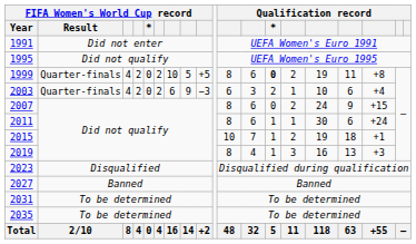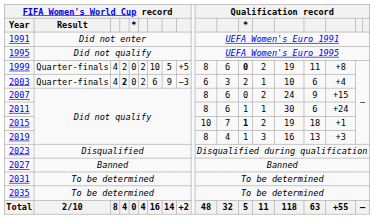 <table class="wikitable" style="text-align: center;">
 <tr>
 <th colspan=9><a href='#'>FIFA Women's World Cup</a> record</th>
 <td rowspan=100></td>
 <th colspan=9>Qualification record</th>
 </tr>
 <tr>
 <th>Year</th>
 <th>Result</th>
 <th></th>
 <th></th>
 <th>*</th>
 <th></th>
 <th></th>
 <th></th>
 <th><br></th>
 <th></th>
 <th></th>
 <th>*</th>
 <th></th>
 <th></th>
 <th></th>
 <th></th>
 <th></th>
 <th></th>
 </tr>
 <tr>
 <td> <a href='#'>1991</a></td>
 <td colspan=8><em>Did not enter</em></td>
 <td colspan=9><em><a href='#'>UEFA Women's Euro 1991</a></em></td>
 </tr>
 <tr>
 <td> <a href='#'>1995</a></td>
 <td colspan=8><em>Did not qualify</em></td>
 <td colspan=9><em><a href='#'>UEFA Women's Euro 1995</a></em></td>
 </tr>
 <tr>
 <td> <a href='#'>1999</a></td>
 <td>Quarter-finals</td>
 <td>4</td>
 <td>2</td>
 <td>0</td>
 <td>2</td>
 <td>10</td>
 <td>5</td>
 <td>+5</td>
 <td>8</td>
 <td>6</td>
 <td><strong>0</strong></td>
 <td>2</td>
 <td>19</td>
 <td>11</td>
 <td>+8</td>
 <td colspan=2 rowspan=6>–</td>
 </tr>
 <tr>
 <td> <a href='#'>2003</a></td>
 <td>Quarter-finals</td>
 <td>4</td>
-<td>2</td>
+<td><strong>2</strong></td>
 <td>0</td>
 <td>2</td>
 <td>6</td>
 <td>9</td>
 <td>−3</td>
 <td>6</td>
 <td>3</td>
 <td>2</td>
 <td>1</td>
 <td>10</td>
 <td>6</td>
 <td>+4</td>
 </tr>
 <tr>
 <td> <a href='#'>2007</a></td>
 <td colspan=8 rowspan=4><em>Did not qualify</em></td>
 <td>8</td>
 <td>6</td>
 <td>0</td>
 <td>2</td>
 <td>24</td>
 <td>9</td>
 <td>+15</td>
 </tr>
 <tr>
 <td> <a href='#'>2011</a></td>
 <td>8</td>
 <td>6</td>
 <td>1</td>
 <td>1</td>
 <td>30</td>
 <td>6</td>
 <td>+24</td>
 </tr>
 <tr>
 <td> <a href='#'>2015</a></td>
 <td>10</td>
 <td>7</td>
-<td>1</td>
+<td><strong>1</strong></td>
 <td>2</td>
 <td>19</td>
 <td>18</td>
 <td>+1</td>
 </tr>
 <tr>
 <td> <a href='#'>2019</a></td>
 <td>8</td>
 <td>4</td>
 <td>1</td>
 <td>3</td>
 <td>16</td>
 <td>13</td>
 <td>+3</td>
 </tr>
 <tr>
 <td> <a href='#'>2023</a></td>
 <td colspan=8><em>Disqualified</em></td>
 <td colspan=9><em>Disqualified during qualification</em></td>
 </tr>
 <tr>
 <td> <a href='#'>2027</a></td>
 <td colspan=8><em>Banned</em></td>
 <td colspan=9><em>Banned</em></td>
 </tr>
 <tr>
 <td> <a href='#'>2031</a></td>
 <td colspan=8><em>To be determined</em></td>
 <td colspan=9><em>To be determined</em></td>
 </tr>
 <tr>
 <td> <a href='#'>2035</a></td>
 <td colspan=8><em>To be determined</em></td>
 <td colspan=9><em>To be determined</em></td>
 </tr>
 <tr>
 <th>Total</th>
 <th>2/10</th>
 <th>8</th>
 <th>4</th>
 <th>0</th>
 <th>4</th>
 <th>16</th>
 <th>14</th>
 <th>+2</th>
 <th>48</th>
 <th>32</th>
 <th>5</th>
 <th>11</th>
 <th>118</th>
 <th>63</th>
 <th>+55</th>
 <th colspan=2>–</th>
 </tr>
 </table>
